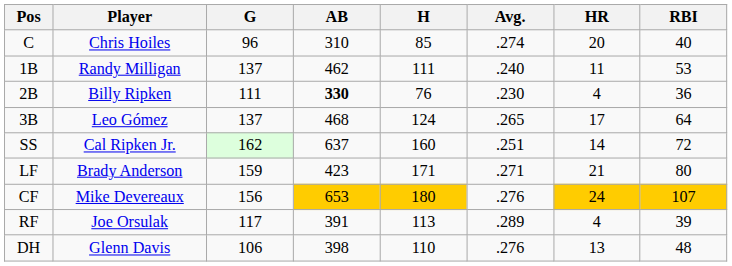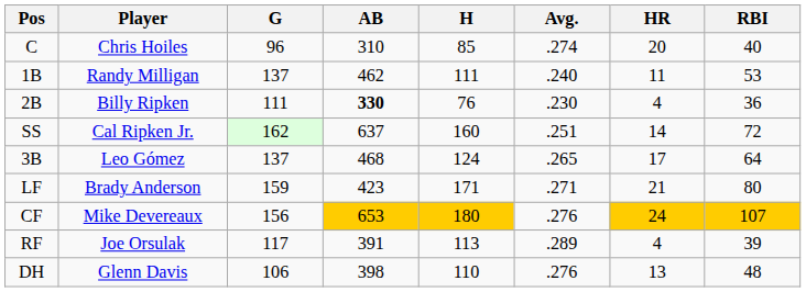 <table class="wikitable sortable">
 <tr>
 <th bgcolor="#DDDDFF" width="5%">Pos</th>
 <th bgcolor="#DDDDFF" width="16%">Player</th>
 <th bgcolor="#DDDDFF" width="9%">G</th>
 <th bgcolor="#DDDDFF" width="9%">AB</th>
 <th bgcolor="#DDDDFF" width="9%">H</th>
 <th bgcolor="#DDDDFF" width="9%">Avg.</th>
 <th bgcolor="#DDDDFF" width="9%">HR</th>
 <th bgcolor="#DDDDFF" width="9%">RBI</th>
 </tr>
 <tr align="center">
 <td>C</td>
 <td><a href='#'>Chris Hoiles</a></td>
 <td>96</td>
 <td>310</td>
 <td>85</td>
 <td>.274</td>
 <td>20</td>
 <td>40</td>
 </tr>
 <tr align="center">
 <td>1B</td>
 <td><a href='#'>Randy Milligan</a></td>
 <td>137</td>
 <td>462</td>
 <td>111</td>
 <td>.240</td>
 <td>11</td>
 <td>53</td>
 </tr>
 <tr align="center">
 <td>2B</td>
 <td><a href='#'>Billy Ripken</a></td>
 <td>111</td>
 <td><strong>330</strong></td>
 <td>76</td>
 <td>.230</td>
 <td>4</td>
 <td>36</td>
 </tr>
 <tr align="center">
+<td>SS</td>
+<td><a href='#'>Cal Ripken Jr.</a></td>
+<td style="background:#DDFFDD;">162</td>
+<td>637</td>
+<td>160</td>
+<td>.251</td>
+<td>14</td>
+<td>72</td>
+</tr>
+<tr align="center">
 <td>3B</td>
 <td><a href='#'>Leo Gómez</a></td>
 <td>137</td>
 <td>468</td>
 <td>124</td>
 <td>.265</td>
 <td>17</td>
 <td>64</td>
-</tr>
-<tr align="center">
-<td>SS</td>
-<td><a href='#'>Cal Ripken Jr.</a></td>
-<td style="background:#DDFFDD;">162</td>
-<td>637</td>
-<td>160</td>
-<td>.251</td>
-<td>14</td>
-<td>72</td>
 </tr>
 <tr align="center">
 <td>LF</td>
 <td><a href='#'>Brady Anderson</a></td>
 <td>159</td>
 <td>423</td>
 <td>171</td>
 <td>.271</td>
 <td>21</td>
 <td>80</td>
 </tr>
 <tr align="center">
 <td>CF</td>
 <td><a href='#'>Mike Devereaux</a></td>
 <td>156</td>
 <td style="background:#fc0;">653</td>
 <td style="background:#fc0;">180</td>
 <td>.276</td>
 <td style="background:#fc0;">24</td>
 <td style="background:#fc0;">107</td>
 </tr>
 <tr align="center">
 <td>RF</td>
 <td><a href='#'>Joe Orsulak</a></td>
 <td>117</td>
 <td>391</td>
 <td>113</td>
 <td>.289</td>
 <td>4</td>
 <td>39</td>
 </tr>
 <tr align="center">
 <td>DH</td>
 <td><a href='#'>Glenn Davis</a></td>
 <td>106</td>
 <td>398</td>
 <td>110</td>
 <td>.276</td>
 <td>13</td>
 <td>48</td>
 </tr>
 </table>
